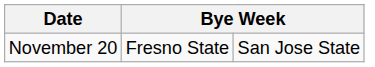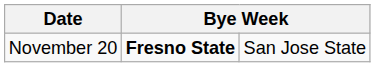 <table class="wikitable" style="font-size:95%">
 <tr>
 <th>Date</th>
 <th colspan="2">Bye Week</th>
 </tr>
 <tr>
 <td>November 20</td>
-<td>Fresno State</td>
+<td><strong>Fresno State</strong></td>
 <td>San Jose State</td>
 </tr>
 </table>
